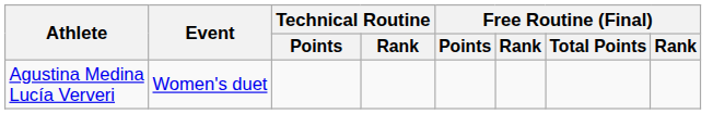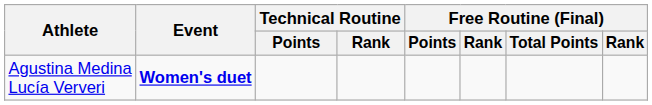 <table class=wikitable style="font-size:90%">
 <tr>
 <th rowspan="2">Athlete</th>
 <th rowspan="2">Event</th>
 <th colspan="2">Technical Routine</th>
 <th colspan="4">Free Routine (Final)</th>
 </tr>
 <tr style="font-size:95%">
 <th>Points</th>
 <th>Rank</th>
 <th>Points</th>
 <th>Rank</th>
 <th>Total Points</th>
 <th>Rank</th>
 </tr>
 <tr align=center>
 <td align=left><a href='#'>Agustina Medina</a><br><a href='#'>Lucía Ververi</a></td>
-<td align=left><a href='#'>Women's duet</a></td>
+<td align=left><strong><a href='#'>Women's duet</a></strong></td>
 <td></td>
 <td></td>
 <td></td>
 <td></td>
 <td></td>
 <td></td>
 </tr>
 </table>
